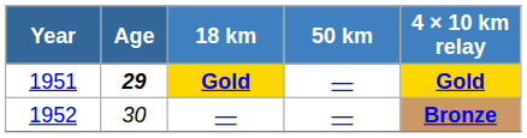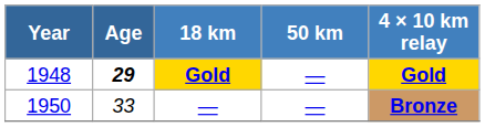 <table class="wikitable" style="font-size:95%; text-align:center; border:grey solid 1px; border-collapse:collapse; background:#ffffff;">
 <tr>
 <th style="background-color:#369; color:white; width:60px;"> Year </th>
 <th style="background-color:#369; color:white; width:40px;"> Age </th>
 <th style="background-color:#4180be; color:white; width:75px;"> 18 km </th>
 <th style="background-color:#4180be; color:white; width:75px;"> 50 km </th>
 <th style="background-color:#4180be; color:white; width:75px;"> 4 × 10 km <br> relay </th>
 </tr>
 <tr>
-<td><a href='#'>1951</a></td>
+<td><a href='#'>1948</a></td>
 <td><strong><em>29</em></strong></td>
 <td style="background:gold;"><a href='#'><strong>Gold</strong></a></td>
 <td><a href='#'>—</a></td>
 <td style="background:gold;"><a href='#'><strong>Gold</strong></a></td>
 </tr>
 <tr>
-<td><a href='#'>1952</a></td>
-<td><em>30</em></td>
+<td><a href='#'>1950</a></td>
+<td><em>33</em></td>
 <td><a href='#'>—</a></td>
 <td><a href='#'>—</a></td>
 <td bgcolor="cc9966"><a href='#'><strong>Bronze</strong></a></td>
 </tr>
 <tr>
 </tr>
 </table>
